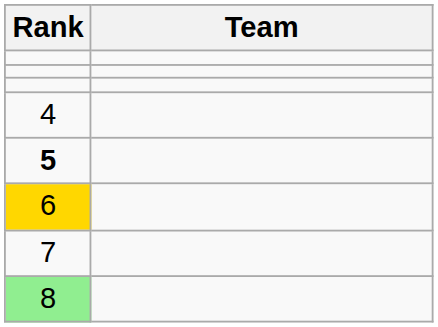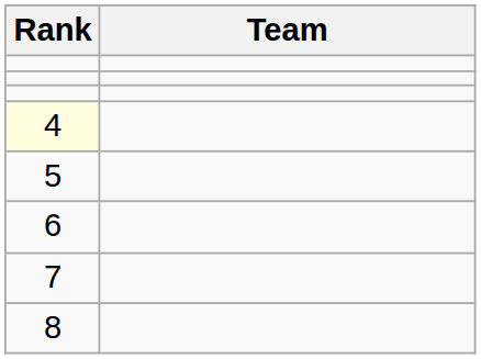 <table class="wikitable">
 <tr>
 <th width=40>Rank</th>
 <th width=180>Team</th>
 </tr>
 <tr>
 <td align=center></td>
 <td align="left"></td>
 </tr>
 <tr>
 <td align=center></td>
 <td align="left"></td>
 </tr>
 <tr>
 <td align=center></td>
 <td align="left"></td>
 </tr>
 <tr>
-<td align=center>4</td>
+<td align=center style="background: lightyellow;">4</td>
 <td align="left"></td>
 </tr>
 <tr>
-<td align=center><strong>5</strong></td>
+<td align=center>5</td>
 <td align="left"></td>
 </tr>
 <tr>
-<td align=center style="background: gold;">6</td>
+<td align=center>6</td>
 <td align="left"></td>
 </tr>
 <tr>
 <td align=center>7</td>
 <td align="left"></td>
 </tr>
 <tr>
-<td align=center style="background: lightgreen;">8</td>
+<td align=center>8</td>
 <td align="left"></td>
 </tr>
 </table>
